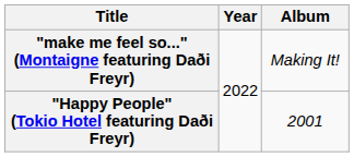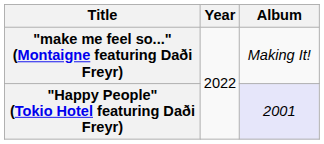 <table class="wikitable plainrowheaders" style="text-align:center;">
 <tr>
 <th scope="col" style="width:13em;">Title</th>
 <th scope="col" style="width:1em;">Year</th>
 <th scope="col" style="width:5em;">Album</th>
 </tr>
 <tr>
 <th scope="row">"make me feel so..."<br><span>(<a href='#'>Montaigne</a> featuring Daði Freyr)</span></th>
 <td rowspan="2">2022</td>
 <td><em>Making It!</em></td>
 </tr>
 <tr>
 <th scope="row">"Happy People"<br><span>(<a href='#'>Tokio Hotel</a> featuring Daði Freyr)</span></th>
-<td><em>2001</em></td>
+<td style="background: lavender;"><em>2001</em></td>
 </tr>
 </table>
